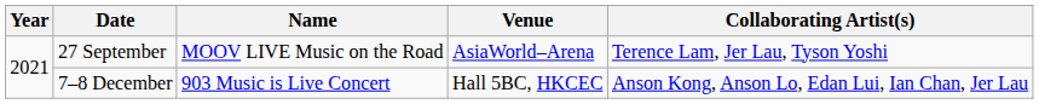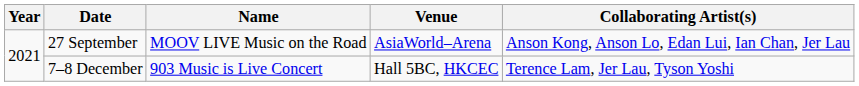 <table class="wikitable">
 <tr>
 <th>Year</th>
 <th>Date</th>
 <th>Name</th>
 <th>Venue</th>
 <th>Collaborating Artist(s)</th>
 </tr>
 <tr>
 <td rowspan="2">2021</td>
 <td>27 September</td>
 <td><a href='#'>MOOV</a> LIVE Music on the Road</td>
 <td><a href='#'>AsiaWorld–Arena</a></td>
-<td><a href='#'>Terence Lam</a>, <a href='#'>Jer Lau</a>, <a href='#'>Tyson Yoshi</a></td>
+<td><a href='#'>Anson Kong</a>, <a href='#'>Anson Lo</a>, <a href='#'>Edan Lui</a>, <a href='#'>Ian Chan</a>, <a href='#'>Jer Lau</a></td>
 </tr>
 <tr>
 <td>7–8 December</td>
 <td><a href='#'>903 Music is Live Concert</a></td>
 <td>Hall 5BC, <a href='#'>HKCEC</a></td>
-<td><a href='#'>Anson Kong</a>, <a href='#'>Anson Lo</a>, <a href='#'>Edan Lui</a>, <a href='#'>Ian Chan</a>, <a href='#'>Jer Lau</a></td>
+<td><a href='#'>Terence Lam</a>, <a href='#'>Jer Lau</a>, <a href='#'>Tyson Yoshi</a></td>
 </tr>
 </table>
